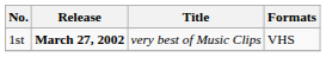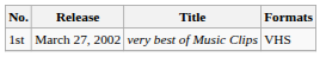 <table class="wikitable" style="font-size:small;">
 <tr>
 <th>No.</th>
 <th>Release</th>
 <th>Title</th>
 <th>Formats</th>
 </tr>
 <tr>
 <td>1st</td>
-<td><strong>March 27, 2002</strong></td>
+<td>March 27, 2002</td>
 <td><em>very best of Music Clips</em></td>
 <td>VHS</td>
 </tr>
 <tr>
 </tr>
 </table>
